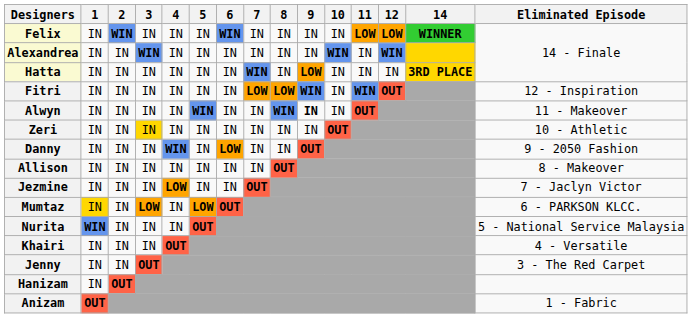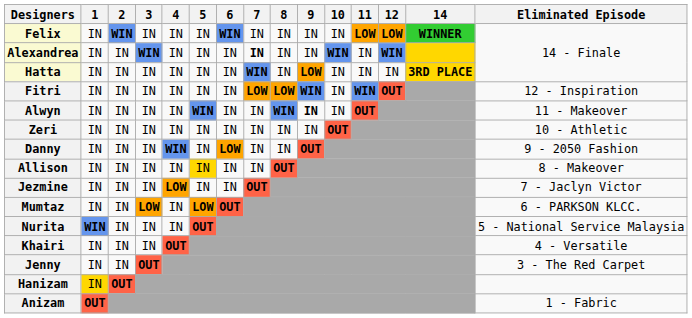 <table class="wikitable" style="text-align:center">
 <tr>
 <th>Designers</th>
 <th>1</th>
 <th>2</th>
 <th>3</th>
 <th>4</th>
 <th>5</th>
 <th>6</th>
 <th>7</th>
 <th>8</th>
 <th>9</th>
 <th>10</th>
 <th>11</th>
 <th>12</th>
 <th>14</th>
 <th>Eliminated Episode</th>
 </tr>
 <tr>
 <th style="background:#FAFAD2;">Felix</th>
 <td>IN</td>
 <td style="background:cornflowerblue;"><strong>WIN</strong></td>
 <td>IN</td>
 <td>IN</td>
 <td>IN</td>
 <td style="background:cornflowerblue;"><strong>WIN</strong></td>
 <td>IN</td>
 <td>IN</td>
 <td>IN</td>
 <td>IN</td>
 <td style="background:orange;"><strong>LOW</strong></td>
 <td style="background:orange;"><strong>LOW</strong></td>
 <td style="background:limegreen;"><strong>WINNER</strong></td>
 <td rowspan="3">14 - Finale</td>
 </tr>
 <tr>
 <th style="background:#FAFAD2;">Alexandrea</th>
 <td>IN</td>
 <td>IN</td>
 <td style="background:cornflowerblue;"><strong>WIN</strong></td>
 <td>IN</td>
 <td>IN</td>
 <td>IN</td>
-<td>IN</td>
+<td><strong>IN</strong></td>
 <td>IN</td>
 <td>IN</td>
 <td style="background:cornflowerblue;"><strong>WIN</strong></td>
 <td>IN</td>
 <td style="background:cornflowerblue;"><strong>WIN</strong></td>
 <td style="background:gold;"></td>
 </tr>
 <tr>
 <th style="background:#FAFAD2;">Hatta</th>
 <td>IN</td>
 <td>IN</td>
 <td>IN</td>
 <td>IN</td>
 <td>IN</td>
 <td>IN</td>
 <td style="background:cornflowerblue;"><strong>WIN</strong></td>
 <td>IN</td>
 <td style="background:orange;"><strong>LOW</strong></td>
 <td>IN</td>
 <td>IN</td>
 <td>IN</td>
 <td style="background:gold;"><strong>3RD PLACE</strong></td>
 </tr>
 <tr>
 <th>Fitri</th>
 <td>IN</td>
 <td>IN</td>
 <td>IN</td>
 <td>IN</td>
 <td>IN</td>
 <td>IN</td>
 <td style="background:orange;"><strong>LOW</strong></td>
 <td style="background:orange;"><strong>LOW</strong></td>
 <td style="background:cornflowerblue;"><strong>WIN</strong></td>
 <td>IN</td>
 <td style="background:cornflowerblue;"><strong>WIN</strong></td>
 <td style="background:tomato;"><strong>OUT</strong></td>
 <td COLSPAN=1 style="background:darkgray;"></td>
 <td>12 - Inspiration</td>
 </tr>
 <tr>
 <th>Alwyn</th>
 <td>IN</td>
 <td>IN</td>
 <td>IN</td>
 <td>IN</td>
 <td style="background:cornflowerblue;"><strong>WIN</strong></td>
 <td>IN</td>
 <td>IN</td>
 <td style="background:cornflowerblue;"><strong>WIN</strong></td>
 <td><strong>IN</strong></td>
 <td>IN</td>
 <td style="background:tomato;"><strong>OUT</strong></td>
 <td COLSPAN=2 style="background:darkgray;"></td>
 <td>11 - Makeover</td>
 </tr>
 <tr>
 <th>Zeri</th>
 <td>IN</td>
 <td>IN</td>
-<td style="background: gold;">IN</td>
+<td>IN</td>
 <td>IN</td>
 <td>IN</td>
 <td>IN</td>
 <td>IN</td>
 <td>IN</td>
 <td>IN</td>
 <td style="background:tomato;"><strong>OUT</strong></td>
 <td COLSPAN=3 style="background:darkgray;"></td>
 <td>10 - Athletic</td>
 </tr>
 <tr>
 <th>Danny</th>
 <td>IN</td>
 <td>IN</td>
 <td>IN</td>
 <td style="background:cornflowerblue;"><strong>WIN</strong></td>
 <td>IN</td>
 <td style="background:orange;"><strong>LOW</strong></td>
 <td>IN</td>
 <td>IN</td>
 <td style="background:tomato;"><strong>OUT</strong></td>
 <td COLSPAN=4 style="background:darkgray;"></td>
 <td>9 - 2050 Fashion</td>
 </tr>
 <tr>
 <th>Allison</th>
 <td>IN</td>
 <td>IN</td>
 <td>IN</td>
 <td>IN</td>
-<td>IN</td>
+<td style="background: gold;">IN</td>
 <td>IN</td>
 <td>IN</td>
 <td style="background:tomato;"><strong>OUT</strong></td>
 <td COLSPAN=5 style="background:darkgray;"></td>
 <td>8 - Makeover</td>
 </tr>
 <tr>
 <th>Jezmine</th>
 <td>IN</td>
 <td>IN</td>
 <td>IN</td>
 <td style="background:orange;"><strong>LOW</strong></td>
 <td>IN</td>
 <td>IN</td>
 <td style="background:tomato;"><strong>OUT</strong></td>
 <td colspan="6" style="background:darkgray;"></td>
 <td>7 - Jaclyn Victor</td>
 </tr>
 <tr>
 <th>Mumtaz</th>
-<td style="background: gold;">IN</td>
+<td>IN</td>
 <td>IN</td>
 <td style="background:orange;"><strong>LOW</strong></td>
 <td>IN</td>
 <td style="background:orange;"><strong>LOW</strong></td>
 <td style="background:tomato;"><strong>OUT</strong></td>
 <td colspan="7" style="background:darkgray;"></td>
 <td>6 - PARKSON KLCC.</td>
 </tr>
 <tr>
 <th>Nurita</th>
 <td style="background:cornflowerblue;"><strong>WIN</strong></td>
 <td>IN</td>
 <td>IN</td>
 <td>IN</td>
 <td style="background:tomato;"><strong>OUT</strong></td>
 <td colspan="8" style="background:darkgray;"></td>
 <td>5 - National Service Malaysia</td>
 </tr>
 <tr>
 <th>Khairi</th>
 <td>IN</td>
 <td>IN</td>
 <td>IN</td>
 <td style="background:tomato;"><strong>OUT</strong></td>
 <td colspan="9" style="background:darkgray;"></td>
 <td>4 - Versatile</td>
 </tr>
 <tr>
 <th>Jenny</th>
 <td>IN</td>
 <td>IN</td>
 <td style="background:tomato;"><strong>OUT</strong></td>
 <td colspan="10" style="background:darkgray;"></td>
 <td>3 - The Red Carpet</td>
 </tr>
 <tr>
 <th>Hanizam</th>
-<td>IN</td>
+<td style="background: gold;">IN</td>
 <td style="background:tomato;"><strong>OUT</strong></td>
 <td colspan="11" style="background:darkgray;"></td>
 <td></td>
 </tr>
 <tr>
 <th>Anizam</th>
 <td style="background:tomato;"><strong>OUT</strong></td>
 <td colspan="12" style="background:darkgray;"></td>
 <td>1 - Fabric</td>
 </tr>
 </table>
